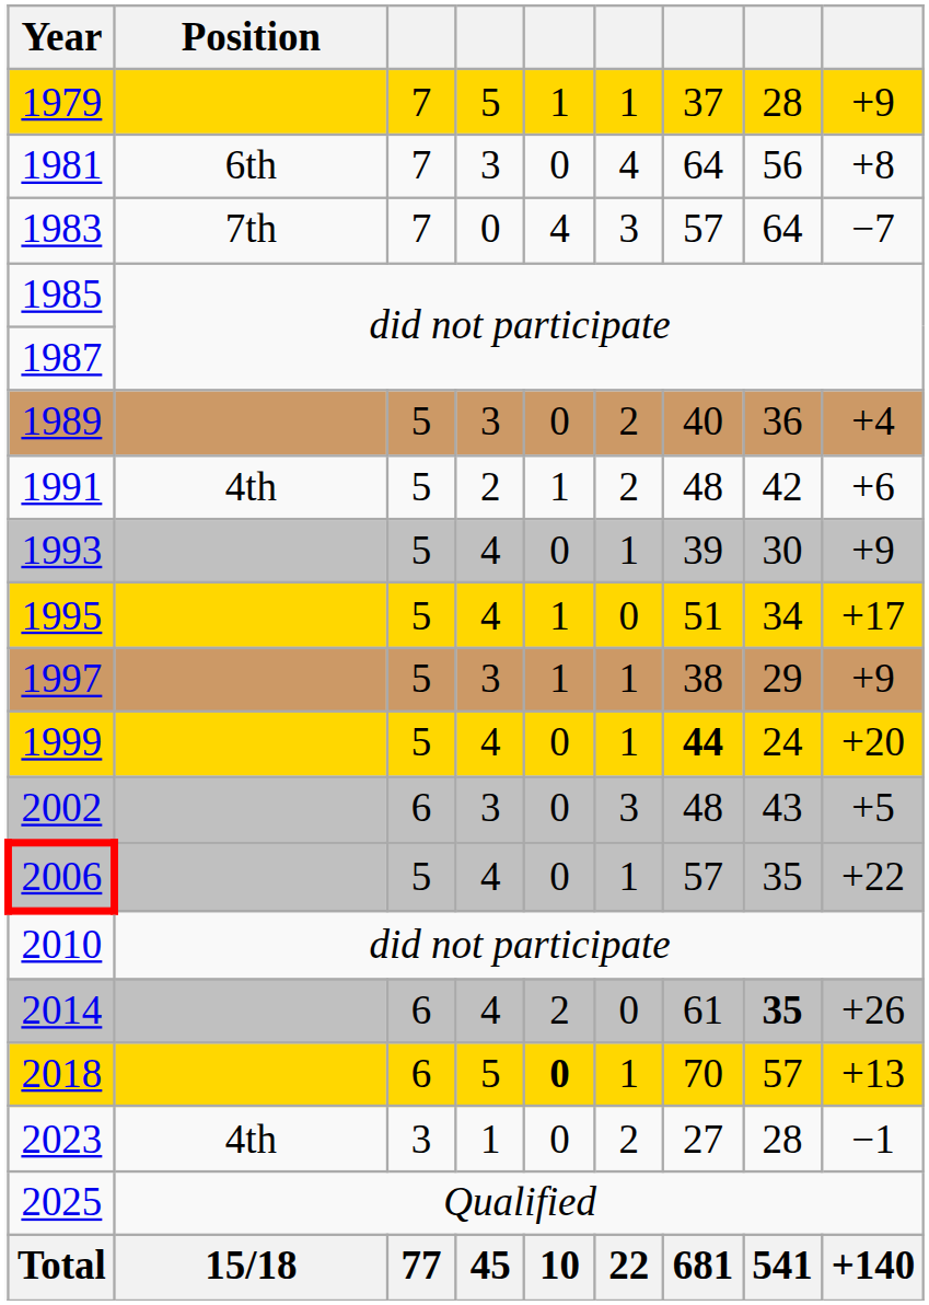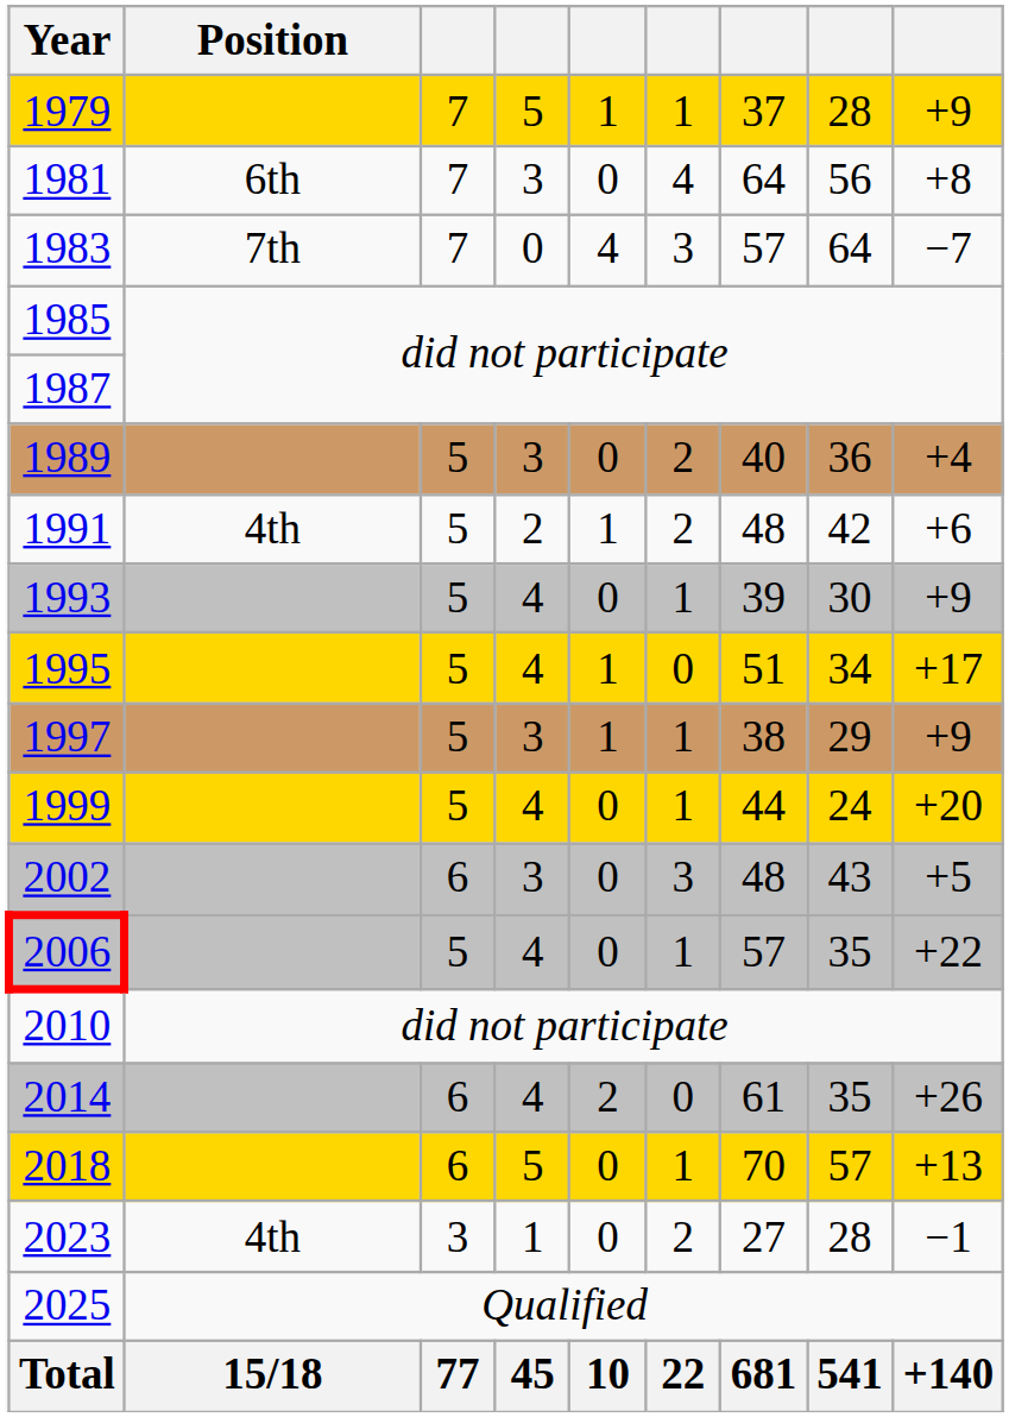 <table class="wikitable" style="text-align: center;">
 <tr>
 <th>Year</th>
 <th width="100">Position</th>
 <th width="20"></th>
 <th width="20"></th>
 <th width="20"></th>
 <th width="20"></th>
 <th width="20"></th>
 <th width="20"></th>
 <th width="20"></th>
 </tr>
 <tr bgcolor=gold>
 <td> <a href='#'>1979</a></td>
 <td></td>
 <td>7</td>
 <td>5</td>
 <td>1</td>
 <td>1</td>
 <td>37</td>
 <td>28</td>
 <td>+9</td>
 </tr>
 <tr>
 <td> <a href='#'>1981</a></td>
 <td>6th</td>
 <td>7</td>
 <td>3</td>
 <td>0</td>
 <td>4</td>
 <td>64</td>
 <td>56</td>
 <td>+8</td>
 </tr>
 <tr>
 <td> <a href='#'>1983</a></td>
 <td>7th</td>
 <td>7</td>
 <td>0</td>
 <td>4</td>
 <td>3</td>
 <td>57</td>
 <td>64</td>
 <td>−7</td>
 </tr>
 <tr>
 <td> <a href='#'>1985</a></td>
 <td colspan=8 rowspan="2"><em>did not participate</em></td>
 </tr>
 <tr>
 <td> <a href='#'>1987</a></td>
 </tr>
 <tr bgcolor=cc9966>
 <td> <a href='#'>1989</a></td>
 <td></td>
 <td>5</td>
 <td>3</td>
 <td>0</td>
 <td>2</td>
 <td>40</td>
 <td>36</td>
 <td>+4</td>
 </tr>
 <tr>
 <td> <a href='#'>1991</a></td>
 <td>4th</td>
 <td>5</td>
 <td>2</td>
 <td>1</td>
 <td>2</td>
 <td>48</td>
 <td>42</td>
 <td>+6</td>
 </tr>
 <tr bgcolor=silver>
 <td> <a href='#'>1993</a></td>
 <td></td>
 <td>5</td>
 <td>4</td>
 <td>0</td>
 <td>1</td>
 <td>39</td>
 <td>30</td>
 <td>+9</td>
 </tr>
 <tr bgcolor=gold>
 <td> <a href='#'>1995</a></td>
 <td></td>
 <td>5</td>
 <td>4</td>
 <td>1</td>
 <td>0</td>
 <td>51</td>
 <td>34</td>
 <td>+17</td>
 </tr>
 <tr bgcolor=cc9966>
 <td> <a href='#'>1997</a></td>
 <td></td>
 <td>5</td>
 <td>3</td>
 <td>1</td>
 <td>1</td>
 <td>38</td>
 <td>29</td>
 <td>+9</td>
 </tr>
 <tr bgcolor=gold>
 <td> <a href='#'>1999</a></td>
 <td></td>
 <td>5</td>
 <td>4</td>
 <td>0</td>
 <td>1</td>
-<td><strong>44</strong></td>
+<td>44</td>
 <td>24</td>
 <td>+20</td>
 </tr>
 <tr bgcolor=silver>
 <td> <a href='#'>2002</a></td>
 <td></td>
 <td>6</td>
 <td>3</td>
 <td>0</td>
 <td>3</td>
 <td>48</td>
 <td>43</td>
 <td>+5</td>
 </tr>
 <tr bgcolor=silver>
 <td style="border: 3px solid red"> <a href='#'>2006</a></td>
 <td></td>
 <td>5</td>
 <td>4</td>
 <td>0</td>
 <td>1</td>
 <td>57</td>
 <td>35</td>
 <td>+22</td>
 </tr>
 <tr>
 <td> <a href='#'>2010</a></td>
 <td colspan=8><em>did not participate</em></td>
 </tr>
 <tr bgcolor=silver>
 <td> <a href='#'>2014</a></td>
 <td></td>
 <td>6</td>
 <td>4</td>
 <td>2</td>
 <td>0</td>
 <td>61</td>
-<td><strong>35</strong></td>
+<td>35</td>
 <td>+26</td>
 </tr>
 <tr bgcolor=gold>
 <td> <a href='#'>2018</a></td>
 <td></td>
 <td>6</td>
 <td>5</td>
-<td><strong>0</strong></td>
+<td>0</td>
 <td>1</td>
 <td>70</td>
 <td>57</td>
 <td>+13</td>
 </tr>
 <tr>
 <td> <a href='#'>2023</a></td>
 <td>4th</td>
 <td>3</td>
 <td>1</td>
 <td>0</td>
 <td>2</td>
 <td>27</td>
 <td>28</td>
 <td>−1</td>
 </tr>
 <tr>
 <td> <a href='#'>2025</a></td>
 <td colspan=8><em>Qualified</em></td>
 </tr>
 <tr>
 <th>Total</th>
 <th>15/18</th>
 <th>77</th>
 <th>45</th>
 <th>10</th>
 <th>22</th>
 <th>681</th>
 <th>541</th>
 <th>+140</th>
 </tr>
 </table>
